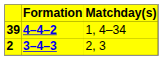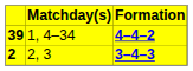 <table class="toccolours" border="0" cellpadding="2" cellspacing="0" align="center" style="margin: 0.5em 0 1em 1em; background: #000000; border: 1px #aaaaaa solid;">
 <tr bgcolor=#FFFF00>
 <th></th>
+<th>Matchday(s)</th>
 <th>Formation</th>
-<th>Matchday(s)</th>
 </tr>
 <tr bgcolor=#FFFF00>
 <td><strong>39</strong></td>
+<td>1, 4–34</td>
 <td><a href='#'><span><strong>4–4–2</strong></span></a></td>
-<td>1, 4–34</td>
 </tr>
 <tr bgcolor=#FFFF00>
 <td><strong>2</strong></td>
+<td>2, 3</td>
 <td><a href='#'><span><strong>3–4–3</strong></span></a></td>
-<td>2, 3</td>
 </tr>
 </table>
